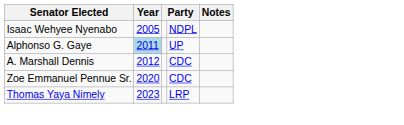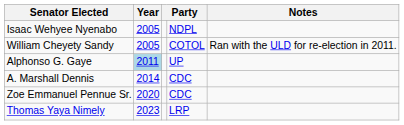 <table class="wikitable">
 <tr>
 <th>Senator Elected</th>
 <th>Year</th>
 <th colspan=2>Party</th>
 <th>Notes</th>
 </tr>
 <tr>
 <td>Isaac Wehyee Nyenabo</td>
 <td><a href='#'>2005</a></td>
 <td></td>
 <td><a href='#'>NDPL</a></td>
 <td></td>
 </tr>
 <tr>
+<td>William Cheyety Sandy</td>
+<td><a href='#'>2005</a></td>
+<td></td>
+<td><a href='#'>COTOL</a></td>
+<td>Ran with the <a href='#'>ULD</a> for re-election in 2011.</td>
+</tr>
+<tr>
 <td>Alphonso G. Gaye</td>
 <td style="background: lightblue;"><a href='#'>2011</a></td>
 <td></td>
 <td><a href='#'>UP</a></td>
 <td></td>
 </tr>
 <tr>
 <td>A. Marshall Dennis</td>
-<td><a href='#'>2012</a></td>
+<td><a href='#'>2014</a></td>
 <td></td>
 <td><a href='#'>CDC</a></td>
 <td></td>
 </tr>
 <tr>
 <td>Zoe Emmanuel Pennue Sr.</td>
 <td><a href='#'>2020</a></td>
 <td></td>
 <td><a href='#'>CDC</a></td>
 <td></td>
 </tr>
 <tr>
 <td><a href='#'>Thomas Yaya Nimely</a></td>
 <td><a href='#'>2023</a></td>
 <td></td>
 <td><a href='#'>LRP</a></td>
 <td></td>
 </tr>
 </table>
